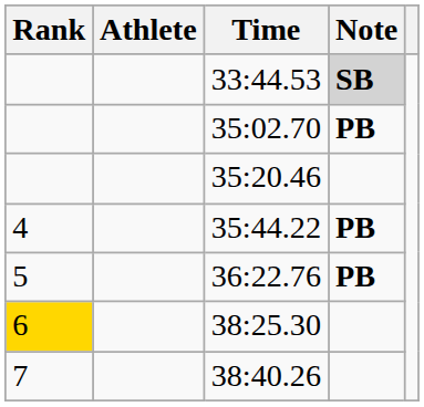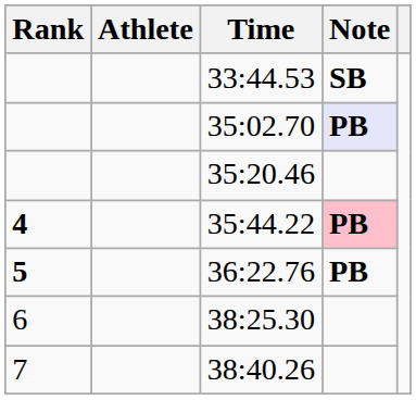 <table class="wikitable">
 <tr>
 <th>Rank</th>
 <th>Athlete</th>
 <th>Time</th>
 <th>Note</th>
 <th></th>
 </tr>
 <tr>
 <td></td>
 <td></td>
 <td>33:44.53</td>
-<td style="background: lightgrey;"><strong>SB</strong></td>
+<td><strong>SB</strong></td>
 <td rowspan=7></td>
 </tr>
 <tr>
 <td></td>
 <td></td>
 <td>35:02.70</td>
-<td><strong>PB</strong></td>
+<td style="background: lavender;"><strong>PB</strong></td>
 </tr>
 <tr>
 <td></td>
 <td></td>
 <td>35:20.46</td>
 <td></td>
 </tr>
 <tr>
-<td>4</td>
+<td><strong>4</strong></td>
 <td></td>
 <td>35:44.22</td>
-<td><strong>PB</strong></td>
+<td style="background: pink;"><strong>PB</strong></td>
 </tr>
 <tr>
-<td>5</td>
+<td><strong>5</strong></td>
 <td></td>
 <td>36:22.76</td>
 <td><strong>PB</strong></td>
 </tr>
 <tr>
-<td style="background: gold;">6</td>
+<td>6</td>
 <td></td>
 <td>38:25.30</td>
 <td></td>
 </tr>
 <tr>
 <td>7</td>
 <td></td>
 <td>38:40.26</td>
 <td></td>
 </tr>
 </table>
